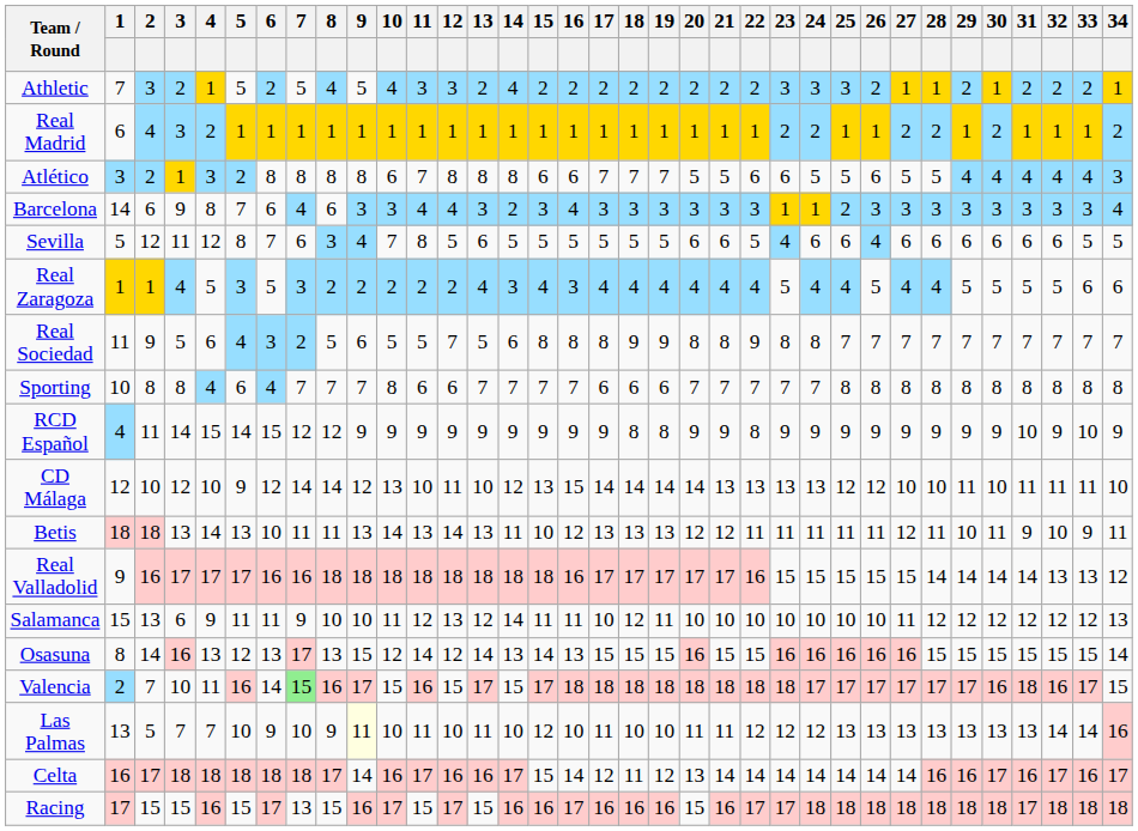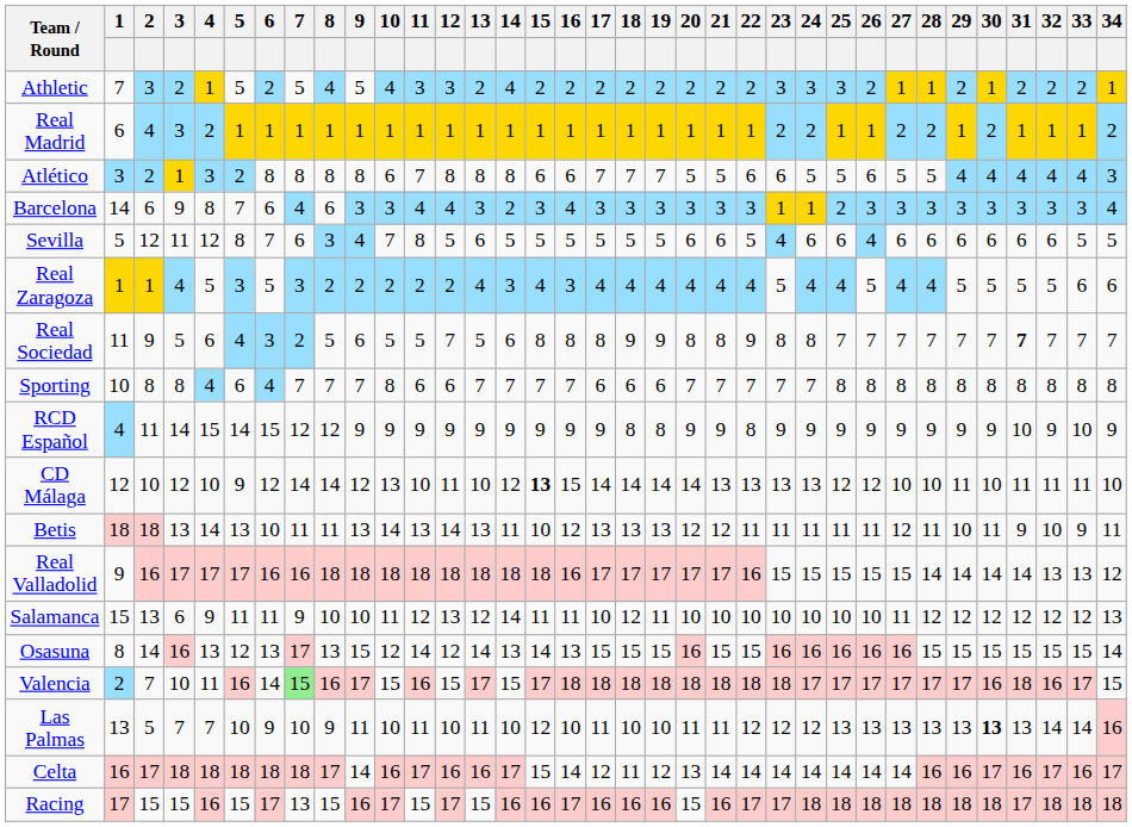 <table class="wikitable sortable" style="text-align:center;">
 <tr>
 <th width="125" rowspan=2 align=left><small>Team /<br>Round </small></th>
 <th width="2">1</th>
 <th width="2">2</th>
 <th width="2">3</th>
 <th width="2">4</th>
 <th width="2">5</th>
 <th width="2">6</th>
 <th width="2">7</th>
 <th width="2">8</th>
 <th width="2">9</th>
 <th width="2">10</th>
 <th width="2">11</th>
 <th width="2">12</th>
 <th width="2">13</th>
 <th width="2">14</th>
 <th width="2">15</th>
 <th width="2">16</th>
 <th width="2">17</th>
 <th width="2">18</th>
 <th width="2">19</th>
 <th width="2">20</th>
 <th width="2">21</th>
 <th width="2">22</th>
 <th width="2">23</th>
 <th width="2">24</th>
 <th width="2">25</th>
 <th width="2">26</th>
 <th width="2">27</th>
 <th width="2">28</th>
 <th width="2">29</th>
 <th width="2">30</th>
 <th width="2">31</th>
 <th width="2">32</th>
 <th width="2">33</th>
 <th width="2">34</th>
 </tr>
 <tr>
 <th width="2"><br></th>
 <th width="2"></th>
 <th width="2"></th>
 <th width="2"></th>
 <th width="2"></th>
 <th width="2"></th>
 <th width="2"></th>
 <th width="2"></th>
 <th width="2"></th>
 <th width="2"></th>
 <th width="2"></th>
 <th width="2"></th>
 <th width="2"></th>
 <th width="2"></th>
 <th width="2"></th>
 <th width="2"></th>
 <th width="2"></th>
 <th width="2"></th>
 <th width="2"></th>
 <th width="2"></th>
 <th width="2"></th>
 <th width="2"></th>
 <th width="2"></th>
 <th width="2"></th>
 <th width="2"></th>
 <th width="2"></th>
 <th width="2"></th>
 <th width="2"></th>
 <th width="2"></th>
 <th width="2"></th>
 <th width="2"></th>
 <th width="2"></th>
 <th width="2"></th>
 <th width="2"></th>
 </tr>
 <tr align="center" width=small>
 <td><a href='#'>Athletic</a></td>
 <td>7</td>
 <td style="background: #97DEFF">3</td>
 <td style="background: #97DEFF">2</td>
 <td style="background: #FFD700">1</td>
 <td>5</td>
 <td style="background: #97DEFF">2</td>
 <td>5</td>
 <td style="background: #97DEFF">4</td>
 <td>5</td>
 <td style="background: #97DEFF">4</td>
 <td style="background: #97DEFF">3</td>
 <td style="background: #97DEFF">3</td>
 <td style="background: #97DEFF">2</td>
 <td style="background: #97DEFF">4</td>
 <td style="background: #97DEFF">2</td>
 <td style="background: #97DEFF">2</td>
 <td style="background: #97DEFF">2</td>
 <td style="background: #97DEFF">2</td>
 <td style="background: #97DEFF">2</td>
 <td style="background: #97DEFF">2</td>
 <td style="background: #97DEFF">2</td>
 <td style="background: #97DEFF">2</td>
 <td style="background: #97DEFF">3</td>
 <td style="background: #97DEFF">3</td>
 <td style="background: #97DEFF">3</td>
 <td style="background: #97DEFF">2</td>
 <td style="background: #FFD700">1</td>
 <td style="background: #FFD700">1</td>
 <td style="background: #97DEFF">2</td>
 <td style="background: #FFD700">1</td>
 <td style="background: #97DEFF">2</td>
 <td style="background: #97DEFF">2</td>
 <td style="background: #97DEFF">2</td>
 <td style="background: #FFD700">1</td>
 </tr>
 <tr>
 <td><a href='#'>Real Madrid</a></td>
 <td>6</td>
 <td style="background: #97DEFF">4</td>
 <td style="background: #97DEFF">3</td>
 <td style="background: #97DEFF">2</td>
 <td style="background: #FFD700">1</td>
 <td style="background: #FFD700">1</td>
 <td style="background: #FFD700">1</td>
 <td style="background: #FFD700">1</td>
 <td style="background: #FFD700">1</td>
 <td style="background: #FFD700">1</td>
 <td style="background: #FFD700">1</td>
 <td style="background: #FFD700">1</td>
 <td style="background: #FFD700">1</td>
 <td style="background: #FFD700">1</td>
 <td style="background: #FFD700">1</td>
 <td style="background: #FFD700">1</td>
 <td style="background: #FFD700">1</td>
 <td style="background: #FFD700">1</td>
 <td style="background: #FFD700">1</td>
 <td style="background: #FFD700">1</td>
 <td style="background: #FFD700">1</td>
 <td style="background: #FFD700">1</td>
 <td style="background: #97DEFF">2</td>
 <td style="background: #97DEFF">2</td>
 <td style="background: #FFD700">1</td>
 <td style="background: #FFD700">1</td>
 <td style="background: #97DEFF">2</td>
 <td style="background: #97DEFF">2</td>
 <td style="background: #FFD700">1</td>
 <td style="background: #97DEFF">2</td>
 <td style="background: #FFD700">1</td>
 <td style="background: #FFD700">1</td>
 <td style="background: #FFD700">1</td>
 <td style="background: #97DEFF">2</td>
 </tr>
 <tr>
 <td><a href='#'>Atlético</a></td>
 <td style="background: #97DEFF">3</td>
 <td style="background: #97DEFF">2</td>
 <td style="background: #FFD700">1</td>
 <td style="background: #97DEFF">3</td>
 <td style="background: #97DEFF">2</td>
 <td>8</td>
 <td>8</td>
 <td>8</td>
 <td>8</td>
 <td>6</td>
 <td>7</td>
 <td>8</td>
 <td>8</td>
 <td>8</td>
 <td>6</td>
 <td>6</td>
 <td>7</td>
 <td>7</td>
 <td>7</td>
 <td>5</td>
 <td>5</td>
 <td>6</td>
 <td>6</td>
 <td>5</td>
 <td>5</td>
 <td>6</td>
 <td>5</td>
 <td>5</td>
 <td style="background: #97DEFF">4</td>
 <td style="background: #97DEFF">4</td>
 <td style="background: #97DEFF">4</td>
 <td style="background: #97DEFF">4</td>
 <td style="background: #97DEFF">4</td>
 <td style="background: #97DEFF">3</td>
 </tr>
 <tr>
 <td><a href='#'>Barcelona</a></td>
 <td>14</td>
 <td>6</td>
 <td>9</td>
 <td>8</td>
 <td>7</td>
 <td>6</td>
 <td style="background: #97DEFF">4</td>
 <td>6</td>
 <td style="background: #97DEFF">3</td>
 <td style="background: #97DEFF">3</td>
 <td style="background: #97DEFF">4</td>
 <td style="background: #97DEFF">4</td>
 <td style="background: #97DEFF">3</td>
 <td style="background: #97DEFF">2</td>
 <td style="background: #97DEFF">3</td>
 <td style="background: #97DEFF">4</td>
 <td style="background: #97DEFF">3</td>
 <td style="background: #97DEFF">3</td>
 <td style="background: #97DEFF">3</td>
 <td style="background: #97DEFF">3</td>
 <td style="background: #97DEFF">3</td>
 <td style="background: #97DEFF">3</td>
 <td style="background: #FFD700">1</td>
 <td style="background: #FFD700">1</td>
 <td style="background: #97DEFF">2</td>
 <td style="background: #97DEFF">3</td>
 <td style="background: #97DEFF">3</td>
 <td style="background: #97DEFF">3</td>
 <td style="background: #97DEFF">3</td>
 <td style="background: #97DEFF">3</td>
 <td style="background: #97DEFF">3</td>
 <td style="background: #97DEFF">3</td>
 <td style="background: #97DEFF">3</td>
 <td style="background: #97DEFF">4</td>
 </tr>
 <tr>
 <td><a href='#'>Sevilla</a></td>
 <td>5</td>
 <td>12</td>
 <td>11</td>
 <td>12</td>
 <td>8</td>
 <td>7</td>
 <td>6</td>
 <td style="background: #97DEFF">3</td>
 <td style="background: #97DEFF">4</td>
 <td>7</td>
 <td>8</td>
 <td>5</td>
 <td>6</td>
 <td>5</td>
 <td>5</td>
 <td>5</td>
 <td>5</td>
 <td>5</td>
 <td>5</td>
 <td>6</td>
 <td>6</td>
 <td>5</td>
 <td style="background: #97DEFF">4</td>
 <td>6</td>
 <td>6</td>
 <td style="background: #97DEFF">4</td>
 <td>6</td>
 <td>6</td>
 <td>6</td>
 <td>6</td>
 <td>6</td>
 <td>6</td>
 <td>5</td>
 <td>5</td>
 </tr>
 <tr>
 <td><a href='#'>Real Zaragoza</a></td>
 <td style="background: #FFD700">1</td>
 <td style="background: #FFD700">1</td>
 <td style="background: #97DEFF">4</td>
 <td>5</td>
 <td style="background: #97DEFF">3</td>
 <td>5</td>
 <td style="background: #97DEFF">3</td>
 <td style="background: #97DEFF">2</td>
 <td style="background: #97DEFF">2</td>
 <td style="background: #97DEFF">2</td>
 <td style="background: #97DEFF">2</td>
 <td style="background: #97DEFF">2</td>
 <td style="background: #97DEFF">4</td>
 <td style="background: #97DEFF">3</td>
 <td style="background: #97DEFF">4</td>
 <td style="background: #97DEFF">3</td>
 <td style="background: #97DEFF">4</td>
 <td style="background: #97DEFF">4</td>
 <td style="background: #97DEFF">4</td>
 <td style="background: #97DEFF">4</td>
 <td style="background: #97DEFF">4</td>
 <td style="background: #97DEFF">4</td>
 <td>5</td>
 <td style="background: #97DEFF">4</td>
 <td style="background: #97DEFF">4</td>
 <td>5</td>
 <td style="background: #97DEFF">4</td>
 <td style="background: #97DEFF">4</td>
 <td>5</td>
 <td>5</td>
 <td>5</td>
 <td>5</td>
 <td>6</td>
 <td>6</td>
 </tr>
 <tr>
 <td><a href='#'>Real Sociedad</a></td>
 <td>11</td>
 <td>9</td>
 <td>5</td>
 <td>6</td>
 <td style="background: #97DEFF">4</td>
 <td style="background: #97DEFF">3</td>
 <td style="background: #97DEFF">2</td>
 <td>5</td>
 <td>6</td>
 <td>5</td>
 <td>5</td>
 <td>7</td>
 <td>5</td>
 <td>6</td>
 <td>8</td>
 <td>8</td>
 <td>8</td>
 <td>9</td>
 <td>9</td>
 <td>8</td>
 <td>8</td>
 <td>9</td>
 <td>8</td>
 <td>8</td>
 <td>7</td>
 <td>7</td>
 <td>7</td>
 <td>7</td>
 <td>7</td>
 <td>7</td>
-<td>7</td>
+<td><strong>7</strong></td>
 <td>7</td>
 <td>7</td>
 <td>7</td>
 </tr>
 <tr>
 <td><a href='#'>Sporting</a></td>
 <td>10</td>
 <td>8</td>
 <td>8</td>
 <td style="background: #97DEFF">4</td>
 <td>6</td>
 <td style="background: #97DEFF">4</td>
 <td>7</td>
 <td>7</td>
 <td>7</td>
 <td>8</td>
 <td>6</td>
 <td>6</td>
 <td>7</td>
 <td>7</td>
 <td>7</td>
 <td>7</td>
 <td>6</td>
 <td>6</td>
 <td>6</td>
 <td>7</td>
 <td>7</td>
 <td>7</td>
 <td>7</td>
 <td>7</td>
 <td>8</td>
 <td>8</td>
 <td>8</td>
 <td>8</td>
 <td>8</td>
 <td>8</td>
 <td>8</td>
 <td>8</td>
 <td>8</td>
 <td>8</td>
 </tr>
 <tr>
 <td><a href='#'>RCD Español</a></td>
 <td style="background: #97DEFF">4</td>
 <td>11</td>
 <td>14</td>
 <td>15</td>
 <td>14</td>
 <td>15</td>
 <td>12</td>
 <td>12</td>
 <td>9</td>
 <td>9</td>
 <td>9</td>
 <td>9</td>
 <td>9</td>
 <td>9</td>
 <td>9</td>
 <td>9</td>
 <td>9</td>
 <td>8</td>
 <td>8</td>
 <td>9</td>
 <td>9</td>
 <td>8</td>
 <td>9</td>
 <td>9</td>
 <td>9</td>
 <td>9</td>
 <td>9</td>
 <td>9</td>
 <td>9</td>
 <td>9</td>
 <td>10</td>
 <td>9</td>
 <td>10</td>
 <td>9</td>
 </tr>
 <tr>
 <td><a href='#'>CD Málaga</a></td>
 <td>12</td>
 <td>10</td>
 <td>12</td>
 <td>10</td>
 <td>9</td>
 <td>12</td>
 <td>14</td>
 <td>14</td>
 <td>12</td>
 <td>13</td>
 <td>10</td>
 <td>11</td>
 <td>10</td>
 <td>12</td>
-<td>13</td>
+<td><strong>13</strong></td>
 <td>15</td>
 <td>14</td>
 <td>14</td>
 <td>14</td>
 <td>14</td>
 <td>13</td>
 <td>13</td>
 <td>13</td>
 <td>13</td>
 <td>12</td>
 <td>12</td>
 <td>10</td>
 <td>10</td>
 <td>11</td>
 <td>10</td>
 <td>11</td>
 <td>11</td>
 <td>11</td>
 <td>10</td>
 </tr>
 <tr>
 <td><a href='#'>Betis</a></td>
 <td style="background:#FFCCCC">18</td>
 <td style="background:#FFCCCC">18</td>
 <td>13</td>
 <td>14</td>
 <td>13</td>
 <td>10</td>
 <td>11</td>
 <td>11</td>
 <td>13</td>
 <td>14</td>
 <td>13</td>
 <td>14</td>
 <td>13</td>
 <td>11</td>
 <td>10</td>
 <td>12</td>
 <td>13</td>
 <td>13</td>
 <td>13</td>
 <td>12</td>
 <td>12</td>
 <td>11</td>
 <td>11</td>
 <td>11</td>
 <td>11</td>
 <td>11</td>
 <td>12</td>
 <td>11</td>
 <td>10</td>
 <td>11</td>
 <td>9</td>
 <td>10</td>
 <td>9</td>
 <td>11</td>
 </tr>
 <tr>
 <td><a href='#'>Real Valladolid</a></td>
 <td>9</td>
 <td style="background:#FFCCCC">16</td>
 <td style="background:#FFCCCC">17</td>
 <td style="background:#FFCCCC">17</td>
 <td style="background:#FFCCCC">17</td>
 <td style="background:#FFCCCC">16</td>
 <td style="background:#FFCCCC">16</td>
 <td style="background:#FFCCCC">18</td>
 <td style="background:#FFCCCC">18</td>
 <td style="background:#FFCCCC">18</td>
 <td style="background:#FFCCCC">18</td>
 <td style="background:#FFCCCC">18</td>
 <td style="background:#FFCCCC">18</td>
 <td style="background:#FFCCCC">18</td>
 <td style="background:#FFCCCC">18</td>
 <td style="background:#FFCCCC">16</td>
 <td style="background:#FFCCCC">17</td>
 <td style="background:#FFCCCC">17</td>
 <td style="background:#FFCCCC">17</td>
 <td style="background:#FFCCCC">17</td>
 <td style="background:#FFCCCC">17</td>
 <td style="background:#FFCCCC">16</td>
 <td>15</td>
 <td>15</td>
 <td>15</td>
 <td>15</td>
 <td>15</td>
 <td>14</td>
 <td>14</td>
 <td>14</td>
 <td>14</td>
 <td>13</td>
 <td>13</td>
 <td>12</td>
 </tr>
 <tr>
 <td><a href='#'>Salamanca</a></td>
 <td>15</td>
 <td>13</td>
 <td>6</td>
 <td>9</td>
 <td>11</td>
 <td>11</td>
 <td>9</td>
 <td>10</td>
 <td>10</td>
 <td>11</td>
 <td>12</td>
 <td>13</td>
 <td>12</td>
 <td>14</td>
 <td>11</td>
 <td>11</td>
 <td>10</td>
 <td>12</td>
 <td>11</td>
 <td>10</td>
 <td>10</td>
 <td>10</td>
 <td>10</td>
 <td>10</td>
 <td>10</td>
 <td>10</td>
 <td>11</td>
 <td>12</td>
 <td>12</td>
 <td>12</td>
 <td>12</td>
 <td>12</td>
 <td>12</td>
 <td>13</td>
 </tr>
 <tr>
 <td><a href='#'>Osasuna</a></td>
 <td>8</td>
 <td>14</td>
 <td style="background:#FFCCCC">16</td>
 <td>13</td>
 <td>12</td>
 <td>13</td>
 <td style="background:#FFCCCC">17</td>
 <td>13</td>
 <td>15</td>
 <td>12</td>
 <td>14</td>
 <td>12</td>
 <td>14</td>
 <td>13</td>
 <td>14</td>
 <td>13</td>
 <td>15</td>
 <td>15</td>
 <td>15</td>
 <td style="background:#FFCCCC">16</td>
 <td>15</td>
 <td>15</td>
 <td style="background:#FFCCCC">16</td>
 <td style="background:#FFCCCC">16</td>
 <td style="background:#FFCCCC">16</td>
 <td style="background:#FFCCCC">16</td>
 <td style="background:#FFCCCC">16</td>
 <td>15</td>
 <td>15</td>
 <td>15</td>
 <td>15</td>
 <td>15</td>
 <td>15</td>
 <td>14</td>
 </tr>
 <tr>
 <td><a href='#'>Valencia</a></td>
 <td style="background: #97DEFF">2</td>
 <td>7</td>
 <td>10</td>
 <td>11</td>
 <td style="background:#FFCCCC">16</td>
 <td>14</td>
 <td style="background: lightgreen;">15</td>
 <td style="background:#FFCCCC">16</td>
 <td style="background:#FFCCCC">17</td>
 <td>15</td>
 <td style="background:#FFCCCC">16</td>
 <td>15</td>
 <td style="background:#FFCCCC">17</td>
 <td>15</td>
 <td style="background:#FFCCCC">17</td>
 <td style="background:#FFCCCC">18</td>
 <td style="background:#FFCCCC">18</td>
 <td style="background:#FFCCCC">18</td>
 <td style="background:#FFCCCC">18</td>
 <td style="background:#FFCCCC">18</td>
 <td style="background:#FFCCCC">18</td>
 <td style="background:#FFCCCC">18</td>
 <td style="background:#FFCCCC">18</td>
 <td style="background:#FFCCCC">17</td>
 <td style="background:#FFCCCC">17</td>
 <td style="background:#FFCCCC">17</td>
 <td style="background:#FFCCCC">17</td>
 <td style="background:#FFCCCC">17</td>
 <td style="background:#FFCCCC">17</td>
 <td style="background:#FFCCCC">16</td>
 <td style="background:#FFCCCC">18</td>
 <td style="background:#FFCCCC">16</td>
 <td style="background:#FFCCCC">17</td>
 <td>15</td>
 </tr>
 <tr>
 <td><a href='#'>Las Palmas</a></td>
 <td>13</td>
 <td>5</td>
 <td>7</td>
 <td>7</td>
 <td>10</td>
 <td>9</td>
 <td>10</td>
 <td>9</td>
-<td style="background: lightyellow;">11</td>
+<td>11</td>
 <td>10</td>
 <td>11</td>
 <td>10</td>
 <td>11</td>
 <td>10</td>
 <td>12</td>
 <td>10</td>
 <td>11</td>
 <td>10</td>
 <td>10</td>
 <td>11</td>
 <td>11</td>
 <td>12</td>
 <td>12</td>
 <td>12</td>
 <td>13</td>
 <td>13</td>
 <td>13</td>
 <td>13</td>
 <td>13</td>
-<td>13</td>
+<td><strong>13</strong></td>
 <td>13</td>
 <td>14</td>
 <td>14</td>
 <td style="background:#FFCCCC">16</td>
 </tr>
 <tr>
 <td><a href='#'>Celta</a></td>
 <td style="background:#FFCCCC">16</td>
 <td style="background:#FFCCCC">17</td>
 <td style="background:#FFCCCC">18</td>
 <td style="background:#FFCCCC">18</td>
 <td style="background:#FFCCCC">18</td>
 <td style="background:#FFCCCC">18</td>
 <td style="background:#FFCCCC">18</td>
 <td style="background:#FFCCCC">17</td>
 <td>14</td>
 <td style="background:#FFCCCC">16</td>
 <td style="background:#FFCCCC">17</td>
 <td style="background:#FFCCCC">16</td>
 <td style="background:#FFCCCC">16</td>
 <td style="background:#FFCCCC">17</td>
 <td>15</td>
 <td>14</td>
 <td>12</td>
 <td>11</td>
 <td>12</td>
 <td>13</td>
 <td>14</td>
 <td>14</td>
 <td>14</td>
 <td>14</td>
 <td>14</td>
 <td>14</td>
 <td>14</td>
 <td style="background:#FFCCCC">16</td>
 <td style="background:#FFCCCC">16</td>
 <td style="background:#FFCCCC">17</td>
 <td style="background:#FFCCCC">16</td>
 <td style="background:#FFCCCC">17</td>
 <td style="background:#FFCCCC">16</td>
 <td style="background:#FFCCCC">17</td>
 </tr>
 <tr>
 <td><a href='#'>Racing</a></td>
 <td style="background:#FFCCCC">17</td>
 <td>15</td>
 <td>15</td>
 <td style="background:#FFCCCC">16</td>
 <td>15</td>
 <td style="background:#FFCCCC">17</td>
 <td>13</td>
 <td>15</td>
 <td style="background:#FFCCCC">16</td>
 <td style="background:#FFCCCC">17</td>
 <td>15</td>
 <td style="background:#FFCCCC">17</td>
 <td>15</td>
 <td style="background:#FFCCCC">16</td>
 <td style="background:#FFCCCC">16</td>
 <td style="background:#FFCCCC">17</td>
 <td style="background:#FFCCCC">16</td>
 <td style="background:#FFCCCC">16</td>
 <td style="background:#FFCCCC">16</td>
 <td>15</td>
 <td style="background:#FFCCCC">16</td>
 <td style="background:#FFCCCC">17</td>
 <td style="background:#FFCCCC">17</td>
 <td style="background:#FFCCCC">18</td>
 <td style="background:#FFCCCC">18</td>
 <td style="background:#FFCCCC">18</td>
 <td style="background:#FFCCCC">18</td>
 <td style="background:#FFCCCC">18</td>
 <td style="background:#FFCCCC">18</td>
 <td style="background:#FFCCCC">18</td>
 <td style="background:#FFCCCC">17</td>
 <td style="background:#FFCCCC">18</td>
 <td style="background:#FFCCCC">18</td>
 <td style="background:#FFCCCC">18</td>
 </tr>
 </table>
